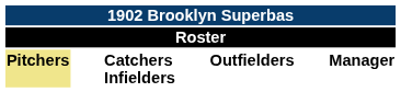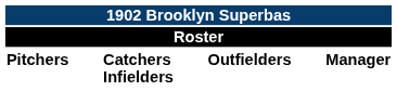 <table class="toccolours" style="font-size: 95%;">
 <tr>
 <th colspan="10" style="background-color: #083c6b; color: white; text-align: center;">1902 Brooklyn Superbas</th>
 </tr>
 <tr>
 <td colspan="10" style="background-color: black; color: white; text-align: center;"><strong>Roster</strong></td>
 </tr>
 <tr>
-<td valign="top" style="background: khaki;"><strong>Pitchers</strong><br>        </td>
+<td valign="top"><strong>Pitchers</strong><br>        </td>
 <td width="25px"></td>
 <td valign="top"><strong>Catchers</strong><br>       <strong>Infielders</strong>     </td>
 <td width="25px"></td>
 <td valign="top"><strong>Outfielders</strong><br>    </td>
 <td width="25px"></td>
 <td valign="top"><strong>Manager</strong><br></td>
 </tr>
 </table>
